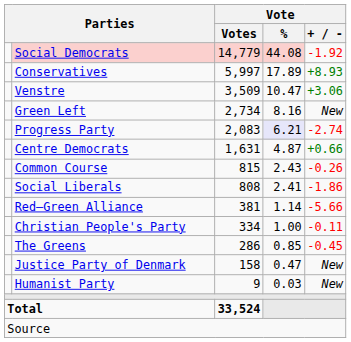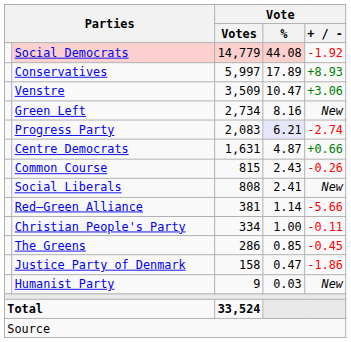 <table class="wikitable" style="text-align:right;">
 <tr>
 <th style="text-align:centre;" rowspan="2" colspan="2" width="225">Parties</th>
 <th colspan="3">Vote</th>
 </tr>
 <tr>
 <th width="15">Votes</th>
 <th width="15">%</th>
 <th width="15">+ / -</th>
 </tr>
 <tr>
 <td width="2" style="color:inherit;background:"></td>
 <td bgcolor=#fbd0ce  align="left"><a href='#'>Social Democrats</a></td>
 <td bgcolor=#fbd0ce>14,779</td>
 <td bgcolor=#fbd0ce>44.08</td>
 <td style=color:red;>-1.92</td>
 </tr>
 <tr>
 <td width="2" style="color:inherit;background:"></td>
 <td align="left"><a href='#'>Conservatives</a></td>
 <td>5,997</td>
 <td>17.89</td>
 <td style=color:green;>+8.93</td>
 </tr>
 <tr>
 <td width="2" style="color:inherit;background:"></td>
 <td align="left"><a href='#'>Venstre</a></td>
 <td>3,509</td>
 <td>10.47</td>
 <td style=color:green;>+3.06</td>
 </tr>
 <tr>
 <td width="2" style="color:inherit;background:"></td>
 <td align="left"><a href='#'>Green Left</a></td>
 <td>2,734</td>
 <td>8.16</td>
 <td><em>New</em></td>
 </tr>
 <tr>
 <td width="2" style="color:inherit;background:"></td>
 <td align="left"><a href='#'>Progress Party</a></td>
 <td>2,083</td>
 <td style="background: lavender;">6.21</td>
 <td style=color:red;>-2.74</td>
 </tr>
 <tr>
 <td width="2" style="color:inherit;background:"></td>
 <td align="left"><a href='#'>Centre Democrats</a></td>
 <td>1,631</td>
 <td>4.87</td>
 <td style=color:green;>+0.66</td>
 </tr>
 <tr>
 <td width="2" style="color:inherit;background:"></td>
 <td align="left"><a href='#'>Common Course</a></td>
 <td>815</td>
 <td>2.43</td>
 <td style=color:red;>-0.26</td>
 </tr>
 <tr>
 <td width="2" style="color:inherit;background:"></td>
 <td align="left"><a href='#'>Social Liberals</a></td>
 <td>808</td>
 <td>2.41</td>
-<td style=color:red;>-1.86</td>
+<td><em>New</em></td>
 </tr>
 <tr>
 <td width="2" style="color:inherit;background:"></td>
 <td align="left"><a href='#'>Red–Green Alliance</a></td>
 <td>381</td>
 <td>1.14</td>
 <td style=color:red;>-5.66</td>
 </tr>
 <tr>
 <td width="2" style="color:inherit;background:"></td>
 <td align="left"><a href='#'>Christian People's Party</a></td>
 <td>334</td>
 <td>1.00</td>
 <td style=color:red;>-0.11</td>
 </tr>
 <tr>
 <td width="2" style="color:inherit;background:"></td>
 <td align="left"><a href='#'>The Greens</a></td>
 <td>286</td>
 <td>0.85</td>
 <td style=color:red;>-0.45</td>
 </tr>
 <tr>
 <td width="2" style="color:inherit;background:"></td>
 <td align="left"><a href='#'>Justice Party of Denmark</a></td>
 <td>158</td>
 <td>0.47</td>
-<td><em>New</em></td>
+<td style=color:red;>-1.86</td>
 </tr>
 <tr>
 <td width="2" style="color:inherit;background:"></td>
 <td align="left"><a href='#'>Humanist Party</a></td>
 <td>9</td>
 <td>0.03</td>
 <td><em>New</em></td>
 </tr>
 <tr>
 <td colspan="7" bgcolor="#E9E9E9"></td>
 </tr>
 <tr>
 <td align="left" colspan="2"><strong>Total</strong></td>
 <td><strong>33,524</strong></td>
 <td bgcolor="#E9E9E9" colspan="2"></td>
 </tr>
 <tr>
 <td align="left" colspan="6">Source</td>
 </tr>
 </table>
